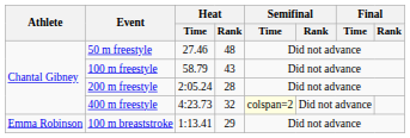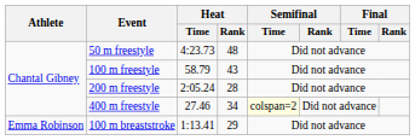 <table class=wikitable style="font-size:90%;">
 <tr>
 <th rowspan=2>Athlete</th>
 <th rowspan=2>Event</th>
 <th colspan=2>Heat</th>
 <th colspan=2>Semifinal</th>
 <th colspan=2>Final</th>
 </tr>
 <tr style="font-size:95%">
 <th>Time</th>
 <th>Rank</th>
 <th>Time</th>
 <th>Rank</th>
 <th>Time</th>
 <th>Rank</th>
 </tr>
 <tr align=center>
 <td rowspan=4 align=left><a href='#'>Chantal Gibney</a></td>
 <td align=left><a href='#'>50 m freestyle</a></td>
-<td>27.46</td>
+<td>4:23.73</td>
 <td>48</td>
 <td colspan=4>Did not advance</td>
 </tr>
 <tr align=center>
 <td align=left><a href='#'>100 m freestyle</a></td>
 <td>58.79</td>
 <td>43</td>
 <td colspan=4>Did not advance</td>
 </tr>
 <tr align=center>
 <td align=left><a href='#'>200 m freestyle</a></td>
 <td>2:05.24</td>
 <td>28</td>
 <td colspan=4>Did not advance</td>
 </tr>
 <tr align=center>
 <td align=left><a href='#'>400 m freestyle</a></td>
-<td>4:23.73</td>
-<td>32</td>
+<td>27.46</td>
+<td>34</td>
 <td style="background: lightyellow;">colspan=2 </td>
 <td colspan=2>Did not advance</td>
 </tr>
 <tr align=center>
 <td align=left><a href='#'>Emma Robinson</a></td>
 <td align=left><a href='#'>100 m breaststroke</a></td>
 <td>1:13.41</td>
 <td>29</td>
 <td colspan=4>Did not advance</td>
 </tr>
 </table>
